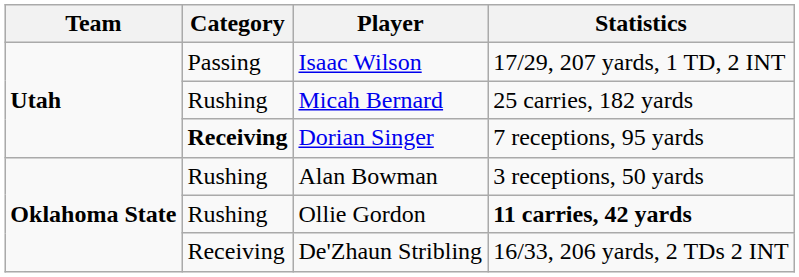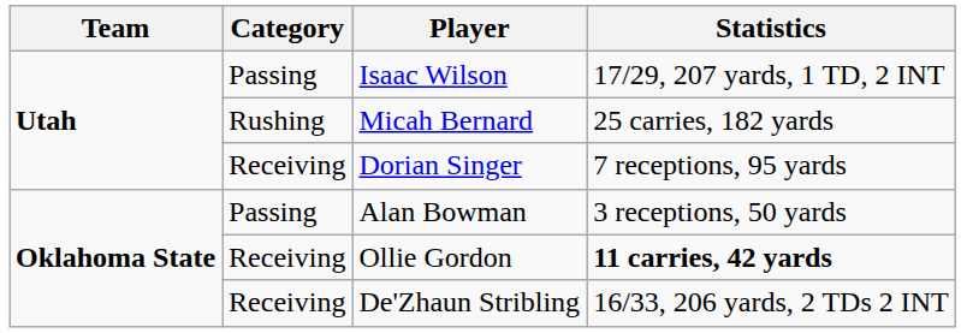 <table class="wikitable" style="float: right;">
 <tr>
 <th>Team</th>
 <th>Category</th>
 <th>Player</th>
 <th>Statistics</th>
 </tr>
 <tr>
 <td rowspan=3><strong>Utah</strong></td>
 <td>Passing</td>
 <td><a href='#'>Isaac Wilson</a></td>
 <td>17/29, 207 yards, 1 TD, 2 INT</td>
 </tr>
 <tr>
 <td>Rushing</td>
 <td><a href='#'>Micah Bernard</a></td>
 <td>25 carries, 182 yards</td>
 </tr>
 <tr>
-<td><strong>Receiving</strong></td>
+<td>Receiving</td>
 <td><a href='#'>Dorian Singer</a></td>
 <td>7 receptions, 95 yards</td>
 </tr>
 <tr>
 <td rowspan=3><strong>Oklahoma State</strong></td>
-<td>Rushing</td>
+<td>Passing</td>
 <td>Alan Bowman</td>
 <td>3 receptions, 50 yards</td>
 </tr>
 <tr>
-<td>Rushing</td>
+<td>Receiving</td>
 <td>Ollie Gordon</td>
 <td><strong>11 carries, 42 yards</strong></td>
 </tr>
 <tr>
 <td>Receiving</td>
 <td>De'Zhaun Stribling</td>
 <td>16/33, 206 yards, 2 TDs 2 INT</td>
 </tr>
 </table>
